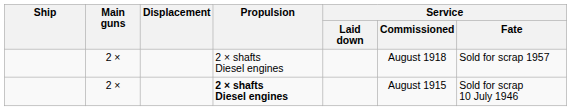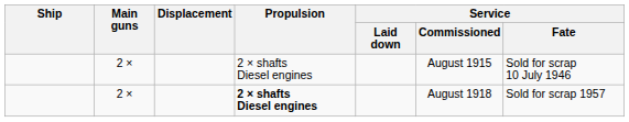 <table class="wikitable" style="width:98%;">
 <tr valign="top"|- valign="top">
 <th style="width:15%; text-align:center;" rowspan="2">Ship</th>
 <th style="width:10%; text-align:center;" rowspan="2">Main guns</th>
 <th style="width:10%; text-align:center;" rowspan="2">Displacement</th>
 <th style="width:20%; text-align:center;" rowspan="2">Propulsion</th>
 <th style="width:40%; text-align:center;" colspan="3">Service</th>
 </tr>
 <tr valign="top">
 <th style="width:10%; text-align:center;">Laid down</th>
 <th style="width:10%; text-align:center;">Commissioned</th>
 <th style="width:20%; text-align:center;">Fate</th>
 </tr>
 <tr valign="top">
 <td align= left></td>
 <td style="text-align:center;">2 × </td>
 <td style="text-align:center;"></td>
 <td align= left>2 × shafts<br>Diesel engines</td>
 <td style="text-align:center;"></td>
-<td style="text-align:center;">August 1918</td>
-<td align= left>Sold for scrap 1957</td>
+<td style="text-align:center;">August 1915</td>
+<td align= left>Sold for scrap 10 July 1946</td>
 </tr>
 <tr valign="top">
 <td align= left></td>
 <td style="text-align:center;">2 × </td>
 <td style="text-align:center;"></td>
 <td align= left><strong>2 × shafts<br>Diesel engines</strong></td>
 <td style="text-align:center;"></td>
-<td style="text-align:center;">August 1915</td>
-<td align= left>Sold for scrap 10 July 1946</td>
+<td style="text-align:center;">August 1918</td>
+<td align= left>Sold for scrap 1957</td>
 </tr>
 </table>
